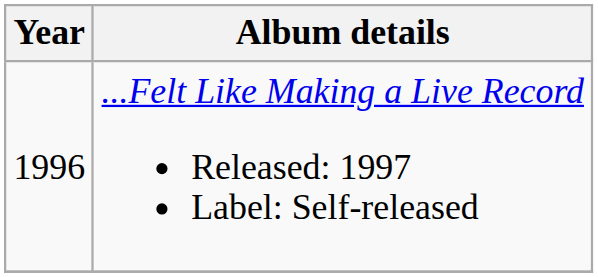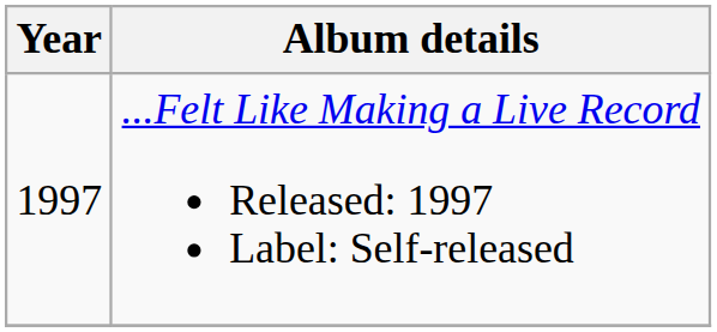 <table class="wikitable">
 <tr>
 <th>Year</th>
 <th>Album details</th>
 </tr>
 <tr>
-<td>1996</td>
+<td>1997</td>
 <td><em><a href='#'>...Felt Like Making a Live Record</a></em><br><ul><li>Released: 1997</li><li>Label: Self-released</li></ul></td>
 </tr>
 <tr>
 </tr>
 </table>
